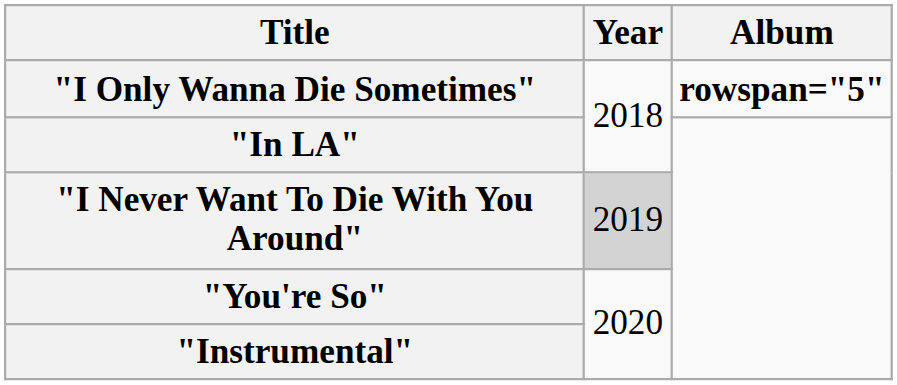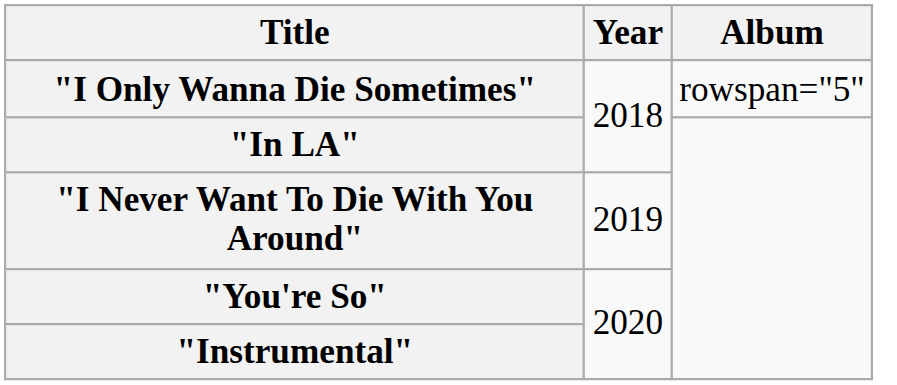 <table class="wikitable plainrowheaders" style="text-align:center">
 <tr>
 <th scope="col" style="width:16em;">Title</th>
 <th scope="col">Year</th>
 <th scope="col">Album</th>
 </tr>
 <tr>
 <th scope="row">"I Only Wanna Die Sometimes"</th>
 <td rowspan="2">2018</td>
-<td><strong>rowspan="5" </strong></td>
+<td>rowspan="5" </td>
 </tr>
 <tr>
 <th scope="row">"In LA"</th>
 </tr>
 <tr>
 <th scope="row">"I Never Want To Die With You Around"</th>
-<td style="background: lightgrey;">2019</td>
+<td>2019</td>
 </tr>
 <tr>
 <th scope="row">"You're So"</th>
 <td rowspan="2">2020</td>
 </tr>
 <tr>
 <th scope="row">"Instrumental"</th>
 </tr>
 </table>
